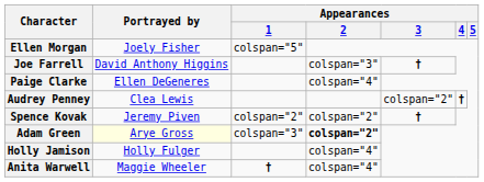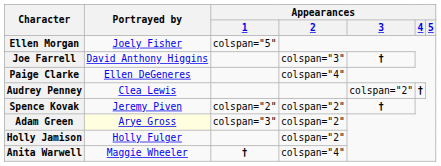 <table class="wikitable" style="text-align:center; width:auto">
 <tr>
 <th rowspan="2" scope="col">Character</th>
 <th rowspan="2" scope="col">Portrayed by</th>
 <th colspan="5" scope="col">Appearances</th>
 </tr>
 <tr>
 <th scope="col"><a href='#'>1</a></th>
 <th scope="col"><a href='#'>2</a></th>
 <th scope="col"><a href='#'>3</a></th>
 <th scope="col"><a href='#'>4</a></th>
 <th scope="col"><a href='#'>5</a></th>
 </tr>
 <tr>
 <th scope="row">Ellen Morgan</th>
 <td><a href='#'>Joely Fisher</a></td>
 <td>colspan="5" </td>
 </tr>
 <tr>
 <th scope="row">Joe Farrell</th>
 <td><a href='#'>David Anthony Higgins</a></td>
 <td></td>
 <td>colspan="3" </td>
 <td><strong>†</strong></td>
 </tr>
 <tr>
 <th scope="row">Paige Clarke</th>
 <td><a href='#'>Ellen DeGeneres</a></td>
 <td></td>
 <td>colspan="4" </td>
 </tr>
 <tr>
 <th scope="row">Audrey Penney</th>
 <td><a href='#'>Clea Lewis</a></td>
 <td></td>
 <td></td>
 <td>colspan="2" </td>
 <td><strong>†</strong></td>
 </tr>
 <tr>
 <th scope="row">Spence Kovak</th>
 <td><a href='#'>Jeremy Piven</a></td>
 <td>colspan="2" </td>
 <td>colspan="2" </td>
 <td><strong>†</strong></td>
 </tr>
 <tr>
 <th scope="row">Adam Green</th>
 <td style="background: lightyellow;"><a href='#'>Arye Gross</a></td>
 <td>colspan="3" </td>
-<td><strong>colspan="2" </strong></td>
+<td>colspan="2" </td>
 </tr>
 <tr>
 <th scope="row">Holly Jamison</th>
 <td><a href='#'>Holly Fulger</a></td>
 <td></td>
-<td>colspan="4" </td>
+<td>colspan="2" </td>
 </tr>
 <tr>
 <th scope="row">Anita Warwell</th>
 <td><a href='#'>Maggie Wheeler</a></td>
 <td><strong>†</strong></td>
 <td>colspan="4" </td>
 </tr>
 </table>
